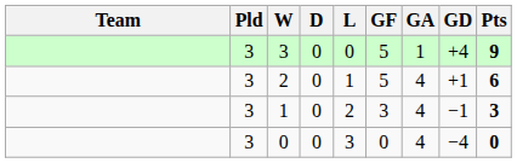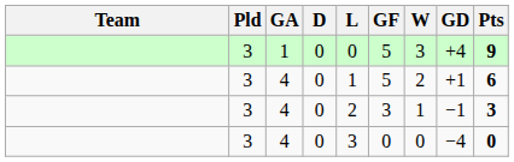 <table class="wikitable" style="text-align:center;">
 <tr>
 <th width=180>Team</th>
 <th width=20>Pld</th>
-<th width=20>W</th>
+<th width=20>GA</th>
 <th width=20>D</th>
 <th width=20>L</th>
 <th width=20>GF</th>
-<th width=20>GA</th>
+<th width=20>W</th>
 <th width=20>GD</th>
 <th width=20>Pts</th>
 </tr>
 <tr bgcolor=#ccffcc>
 <td align="left"></td>
 <td>3</td>
-<td>3</td>
+<td>1</td>
 <td>0</td>
 <td>0</td>
 <td>5</td>
-<td>1</td>
+<td>3</td>
 <td>+4</td>
 <td><strong>9</strong></td>
 </tr>
 <tr>
 <td align="left"></td>
 <td>3</td>
-<td>2</td>
+<td>4</td>
 <td>0</td>
 <td>1</td>
 <td>5</td>
-<td>4</td>
+<td>2</td>
 <td>+1</td>
 <td><strong>6</strong></td>
 </tr>
 <tr>
 <td align="left"></td>
 <td>3</td>
-<td>1</td>
+<td>4</td>
 <td>0</td>
 <td>2</td>
 <td>3</td>
-<td>4</td>
+<td>1</td>
 <td>−1</td>
 <td><strong>3</strong></td>
 </tr>
 <tr>
 <td align="left"><em></em></td>
 <td>3</td>
-<td>0</td>
+<td>4</td>
 <td>0</td>
 <td>3</td>
 <td>0</td>
-<td>4</td>
+<td>0</td>
 <td>−4</td>
 <td><strong>0</strong></td>
 </tr>
 </table>
